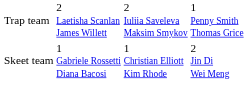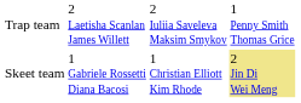 <table>
 <tr>
 <td>Trap team</td>
 <td> 2<small><br><a href='#'>Laetisha Scanlan</a><br><a href='#'>James Willett</a></small></td>
 <td> 2<small><br><a href='#'>Iuliia Saveleva</a><br><a href='#'>Maksim Smykov</a></small></td>
 <td> 1<small><br><a href='#'>Penny Smith</a><br><a href='#'>Thomas Grice</a></small></td>
 </tr>
 <tr>
 <td>Skeet team</td>
 <td> 1<small><br><a href='#'>Gabriele Rossetti</a><br><a href='#'>Diana Bacosi</a></small></td>
 <td> 1<small><br><a href='#'>Christian Elliott</a><br><a href='#'>Kim Rhode</a></small></td>
-<td> 2<small><br><a href='#'>Jin Di</a><br><a href='#'>Wei Meng</a></small></td>
+<td style="background: khaki;"> 2<small><br><a href='#'>Jin Di</a><br><a href='#'>Wei Meng</a></small></td>
 </tr>
 </table>
